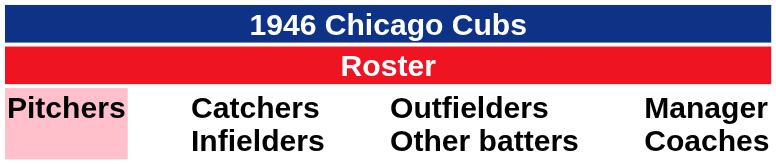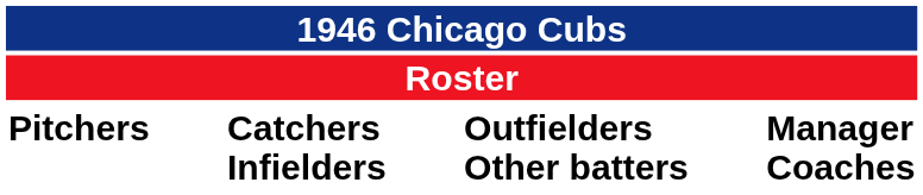 <table class="toccolours" style="font-size: 95%;">
 <tr>
 <th colspan="10" style="background-color: #0e3386; color: white; text-align: center;">1946 Chicago Cubs</th>
 </tr>
 <tr>
 <td colspan="10" style="background-color: #EE1422; color: white; text-align: center;"><strong>Roster</strong></td>
 </tr>
 <tr>
-<td valign="top" style="background: pink;"><strong>Pitchers</strong><br>                  </td>
+<td valign="top"><strong>Pitchers</strong><br>                  </td>
 <td width="25px"></td>
 <td valign="top"><strong>Catchers</strong><br>     <strong>Infielders</strong>           </td>
 <td width="25px"></td>
 <td valign="top"><strong>Outfielders</strong><br>         <strong>Other batters</strong>  </td>
 <td width="25px"></td>
 <td valign="top"><strong>Manager</strong><br> <strong>Coaches</strong>   </td>
 </tr>
 <tr>
 </tr>
 </table>
